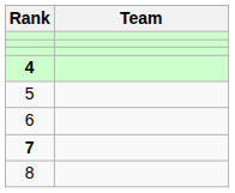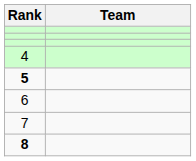 <table class=wikitable style="text-align:center;">
 <tr>
 <th>Rank</th>
 <th width=160>Team</th>
 </tr>
 <tr bgcolor=#CCFFCC>
 <td></td>
 <td align=left></td>
 </tr>
 <tr bgcolor=#CCFFCC>
 <td></td>
 <td align=left></td>
 </tr>
 <tr bgcolor=#CCFFCC>
 <td></td>
 <td align=left></td>
 </tr>
 <tr bgcolor=#CCFFCC>
-<td><strong>4</strong></td>
+<td>4</td>
 <td align=left></td>
 </tr>
 <tr>
-<td>5</td>
+<td><strong>5</strong></td>
 <td align=left></td>
 </tr>
 <tr>
 <td>6</td>
 <td align=left></td>
 </tr>
 <tr>
-<td><strong>7</strong></td>
+<td>7</td>
 <td align=left></td>
 </tr>
 <tr>
-<td>8</td>
+<td><strong>8</strong></td>
 <td align=left></td>
 </tr>
 </table>
